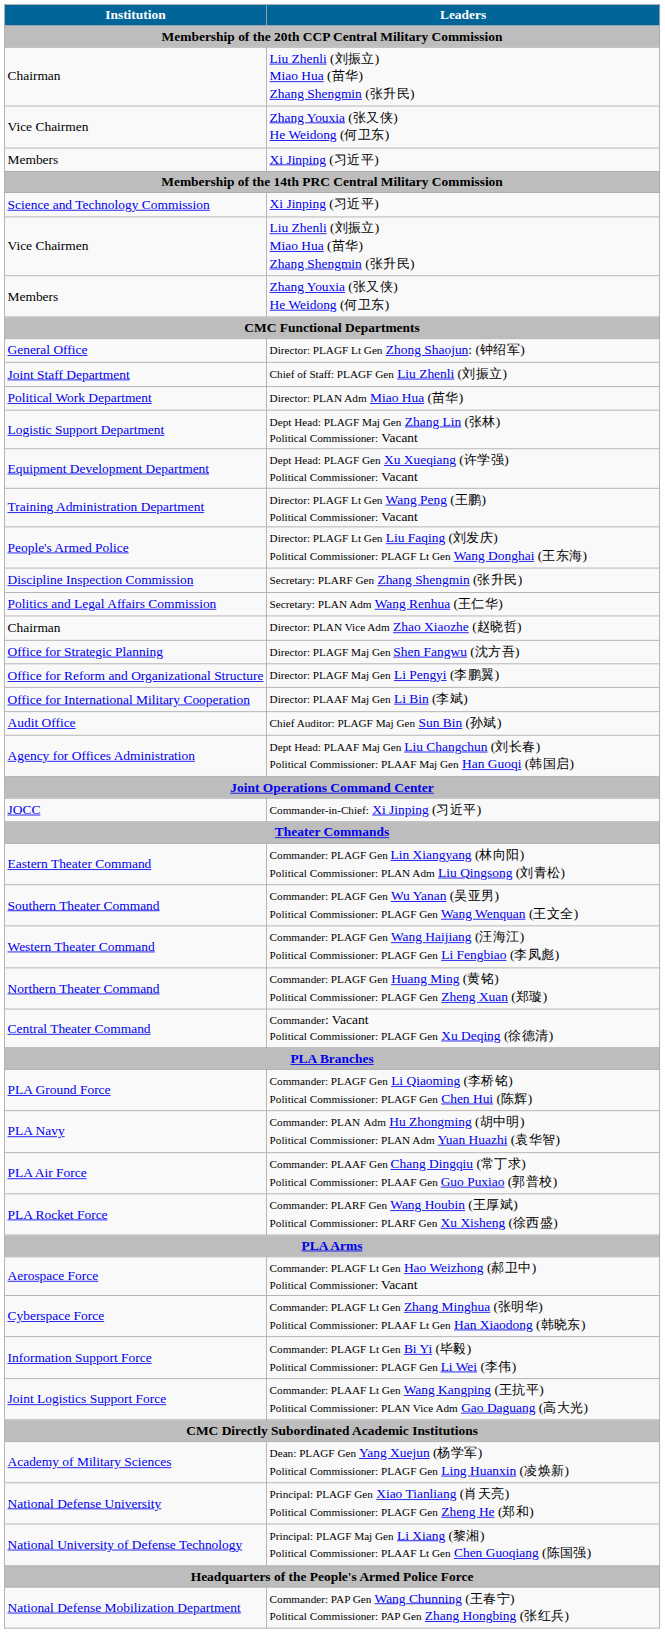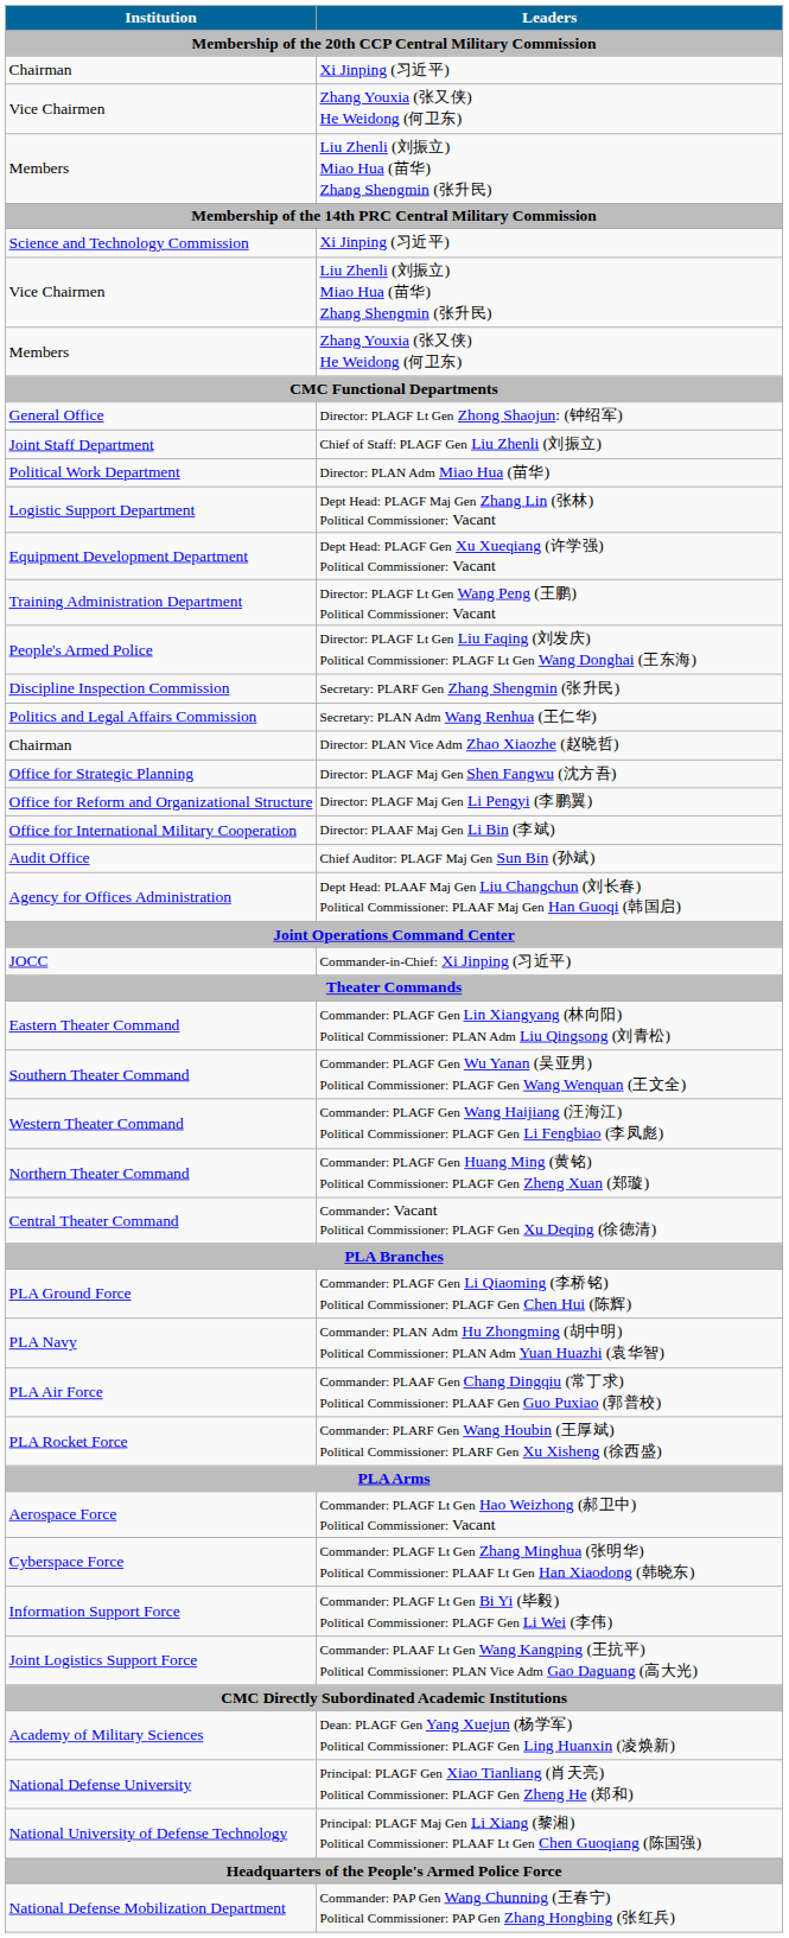 <table class="wikitable">
 <tr>
 <th width=40% style="margin:center; background:#069; color:#fff;"><strong> Institution </strong></th>
 <th width=60% style="margin:center; background:#069; color:#fff;"><strong> Leaders </strong></th>
 </tr>
 <tr>
 <td colspan=2 style="text-align:center;background:#BDBDBD"><strong>Membership of the 20th CCP Central Military Commission</strong></td>
 </tr>
 <tr>
 <td>Chairman</td>
-<td><a href='#'>Liu Zhenli</a> (刘振立)<br><a href='#'>Miao Hua</a> (苗华) <br><a href='#'>Zhang Shengmin</a> (张升民)</td>
+<td><a href='#'>Xi Jinping</a> (习近平)</td>
 </tr>
 <tr>
 <td>Vice Chairmen</td>
 <td><a href='#'>Zhang Youxia</a> (张又侠)<br><a href='#'>He Weidong</a> (何卫东)</td>
 </tr>
 <tr>
 <td>Members</td>
-<td><a href='#'>Xi Jinping</a> (习近平)</td>
+<td><a href='#'>Liu Zhenli</a> (刘振立)<br><a href='#'>Miao Hua</a> (苗华) <br><a href='#'>Zhang Shengmin</a> (张升民)</td>
 </tr>
 <tr>
 <td colspan=2 style="text-align:center; background:#BDBDBD;"><strong>Membership of the 14th PRC Central Military Commission</strong></td>
 </tr>
 <tr>
 <td><a href='#'>Science and Technology Commission</a></td>
 <td><a href='#'>Xi Jinping</a> (习近平)</td>
 </tr>
 <tr>
 <td>Vice Chairmen</td>
 <td><a href='#'>Liu Zhenli</a> (刘振立)<br><a href='#'>Miao Hua</a> (苗华)<br><a href='#'>Zhang Shengmin</a> (张升民)</td>
 </tr>
 <tr>
 <td>Members</td>
 <td><a href='#'>Zhang Youxia</a> (张又侠)<br><a href='#'>He Weidong</a> (何卫东)</td>
 </tr>
 <tr>
 <td colspan=2 style="text-align:center;background:#BDBDBD"><strong>CMC Functional Departments</strong></td>
 </tr>
 <tr>
 <td><a href='#'>General Office</a></td>
 <td><small>Director: PLAGF Lt Gen</small> <a href='#'>Zhong Shaojun</a>: (钟绍军)</td>
 </tr>
 <tr>
 <td><a href='#'>Joint Staff Department</a></td>
 <td><small>Chief of Staff: PLAGF Gen</small> <a href='#'>Liu Zhenli</a> (刘振立)</td>
 </tr>
 <tr>
 <td><a href='#'>Political Work Department</a></td>
 <td><small>Director: PLAN Adm</small> <a href='#'>Miao Hua</a> (苗华)</td>
 </tr>
 <tr>
 <td><a href='#'>Logistic Support Department</a></td>
 <td><small>Dept Head: PLAGF Maj Gen</small> <a href='#'>Zhang Lin</a> (张林) <br><small>Political Commissioner:</small> Vacant</td>
 </tr>
 <tr>
 <td><a href='#'>Equipment Development Department</a></td>
 <td><small>Dept Head: PLAGF Gen</small> <a href='#'>Xu Xueqiang</a> (许学强) <br><small>Political Commissioner:</small> Vacant</td>
 </tr>
 <tr>
 <td><a href='#'>Training Administration Department</a></td>
 <td><small>Director: PLAGF Lt Gen</small> <a href='#'>Wang Peng</a> (王鹏)<br><small>Political Commissioner:</small> Vacant</td>
 </tr>
 <tr>
 <td><a href='#'>People's Armed Police</a></td>
 <td><small>Director: PLAGF Lt Gen</small> <a href='#'>Liu Faqing</a> (刘发庆) <br><small>Political Commissioner: PLAGF Lt Gen</small> <a href='#'>Wang Donghai</a> (王东海)</td>
 </tr>
 <tr>
 <td><a href='#'>Discipline Inspection Commission</a></td>
 <td><small>Secretary: PLARF Gen</small> <a href='#'>Zhang Shengmin</a> (张升民)</td>
 </tr>
 <tr>
 <td><a href='#'>Politics and Legal Affairs Commission</a></td>
 <td><small>Secretary: PLAN Adm</small> <a href='#'>Wang Renhua</a> (王仁华)</td>
 </tr>
 <tr>
 <td>Chairman</td>
 <td><small>Director: PLAN Vice Adm</small> <a href='#'>Zhao Xiaozhe</a> (赵晓哲)</td>
 </tr>
 <tr>
 <td><a href='#'>Office for Strategic Planning</a></td>
 <td><small>Director: PLAGF Maj Gen </small><a href='#'>Shen Fangwu</a> (沈方吾)</td>
 </tr>
 <tr>
 <td><a href='#'>Office for Reform and Organizational Structure</a></td>
 <td><small>Director: PLAGF Maj Gen</small> <a href='#'>Li Pengyi</a> (李鹏翼)</td>
 </tr>
 <tr>
 <td><a href='#'>Office for International Military Cooperation</a></td>
 <td><small>Director: PLAAF Maj Gen</small> <a href='#'>Li Bin</a> (李斌)</td>
 </tr>
 <tr>
 <td><a href='#'>Audit Office</a></td>
 <td><small>Chief Auditor: PLAGF Maj Gen</small> <a href='#'>Sun Bin</a> (孙斌)</td>
 </tr>
 <tr>
 <td><a href='#'>Agency for Offices Administration</a></td>
 <td><small>Dept Head:  PLAAF Maj Gen </small> <a href='#'>Liu Changchun</a> (刘长春)<br><small>Political Commissioner:  PLAAF Maj Gen</small> <a href='#'>Han Guoqi</a> (韩国启)</td>
 </tr>
 <tr>
 <td colspan=2 style="text-align:center;background:#BDBDBD"><strong><a href='#'>Joint Operations Command Center</a></strong></td>
 </tr>
 <tr>
 <td><a href='#'>JOCC</a></td>
 <td><small>Commander-in-Chief:</small> <a href='#'>Xi Jinping</a> (习近平)</td>
 </tr>
 <tr>
 <td colspan=2 style="text-align:center;background:#BDBDBD"><strong><a href='#'>Theater Commands</a></strong></td>
 </tr>
 <tr>
 <td><a href='#'>Eastern Theater Command</a></td>
 <td><small>Commander: PLAGF Gen </small><a href='#'>Lin Xiangyang</a> (林向阳) <br><small>Political Commissioner: PLAN Adm</small> <a href='#'>Liu Qingsong</a> (刘青松)</td>
 </tr>
 <tr>
 <td><a href='#'>Southern Theater Command</a></td>
 <td><small>Commander: PLAGF Gen</small> <a href='#'>Wu Yanan</a> (吴亚男)<br><small>Political Commissioner: PLAGF Gen</small> <a href='#'>Wang Wenquan</a> (王文全)</td>
 </tr>
 <tr>
 <td><a href='#'>Western Theater Command</a></td>
 <td><small>Commander: PLAGF Gen</small> <a href='#'>Wang Haijiang</a> (汪海江)<br><small>Political Commissioner: PLAGF Gen</small> <a href='#'>Li Fengbiao</a> (李凤彪)</td>
 </tr>
 <tr>
 <td><a href='#'>Northern Theater Command</a></td>
 <td><small>Commander: PLAGF Gen</small> <a href='#'>Huang Ming</a> (黄铭)<br><small>Political Commissioner:  PLAGF Gen</small> <a href='#'>Zheng Xuan</a> (郑璇)</td>
 </tr>
 <tr>
 <td><a href='#'>Central Theater Command</a></td>
 <td><small>Commander</small>: Vacant <br><small>Political Commissioner: PLAGF Gen</small> <a href='#'>Xu Deqing</a> (徐德清)</td>
 </tr>
 <tr>
 <td colspan=2 style="text-align:center;background:#BDBDBD"><strong><a href='#'>PLA Branches</a></strong></td>
 </tr>
 <tr>
 <td><a href='#'>PLA Ground Force</a></td>
 <td><small>Commander: PLAGF Gen</small> <a href='#'>Li Qiaoming</a> (李桥铭) <br><small>Political Commissioner: PLAGF Gen</small> <a href='#'>Chen Hui</a> (陈辉)</td>
 </tr>
 <tr>
 <td><a href='#'>PLA Navy</a></td>
 <td><small>Commander: PLAN</small> <small>Adm</small> <a href='#'>Hu Zhongming</a> (胡中明)<br><small>Political Commissioner: PLAN Adm</small> <a href='#'>Yuan Huazhi</a> (袁华智)</td>
 </tr>
 <tr>
 <td><a href='#'>PLA Air Force</a></td>
 <td><small>Commander: PLAAF Gen </small><a href='#'>Chang Dingqiu</a> (常丁求)<br><small>Political Commissioner: PLAAF Gen </small><a href='#'>Guo Puxiao</a> (郭普校)</td>
 </tr>
 <tr>
 <td><a href='#'>PLA Rocket Force</a></td>
 <td><small>Commander: PLARF Gen</small> <a href='#'>Wang Houbin</a> (王厚斌)<br><small>Political Commissioner: PLARF Gen</small> <a href='#'>Xu Xisheng</a> (徐西盛)</td>
 </tr>
 <tr>
 <td colspan=2 style="text-align:center;background:#BDBDBD"><strong><a href='#'>PLA Arms</a></strong></td>
 </tr>
 <tr>
 <td><a href='#'>Aerospace Force</a></td>
 <td><small>Commander: PLAGF Lt Gen</small> <a href='#'>Hao Weizhong</a> (郝卫中) <br><small>Political Commissioner: </small> Vacant</td>
 </tr>
 <tr>
 <td><a href='#'>Cyberspace Force</a></td>
 <td><small>Commander: PLAGF Lt Gen</small> <a href='#'>Zhang Minghua</a> (张明华) <br><small>Political Commissioner: PLAAF Lt Gen</small> <a href='#'>Han Xiaodong</a> (韩晓东)</td>
 </tr>
 <tr>
 <td><a href='#'>Information Support Force</a></td>
 <td><small>Commander: PLAGF Lt Gen</small> <a href='#'>Bi Yi</a> (毕毅) <br><small>Political Commissioner: PLAGF Gen </small> <a href='#'>Li Wei</a> (李伟)</td>
 </tr>
 <tr>
 <td><a href='#'>Joint Logistics Support Force</a></td>
 <td><small>Commander: PLAAF Lt Gen</small> <a href='#'>Wang Kangping</a> (王抗平)<br><small>Political Commissioner: PLAN Vice Adm</small> <a href='#'>Gao Daguang</a> (高大光)</td>
 </tr>
 <tr>
 <td colspan=2 style="text-align:center;background:#BDBDBD"><strong>CMC Directly Subordinated Academic Institutions</strong></td>
 </tr>
 <tr>
 <td><a href='#'>Academy of Military Sciences</a></td>
 <td><small>Dean: PLAGF Gen</small> <a href='#'>Yang Xuejun</a> (杨学军)<br><small>Political Commissioner: PLAGF Gen</small> <a href='#'>Ling Huanxin</a> (凌焕新)</td>
 </tr>
 <tr>
 <td><a href='#'>National Defense University</a></td>
 <td><small>Principal: PLAGF Gen</small> <a href='#'>Xiao Tianliang</a> (肖天亮) <br><small>Political Commissioner: PLAGF Gen</small> <a href='#'>Zheng He</a> (郑和)</td>
 </tr>
 <tr>
 <td><a href='#'>National University of Defense Technology</a></td>
 <td><small>Principal: PLAGF Maj Gen</small> <a href='#'>Li Xiang</a> (黎湘) <br><small>Political Commissioner: PLAAF Lt Gen</small> <a href='#'>Chen Guoqiang</a> (陈国强)</td>
 </tr>
 <tr>
 <td colspan=2 style="text-align:center;background:#BDBDBD"><strong>Headquarters of the People's Armed Police Force</strong></td>
 </tr>
 <tr>
 <td><a href='#'>National Defense Mobilization Department</a></td>
 <td><small>Commander: PAP Gen</small> <a href='#'>Wang Chunning</a> (王春宁)<br><small>Political Commissioner: PAP Gen</small> <a href='#'>Zhang Hongbing</a> (张红兵)</td>
 </tr>
 </table>
